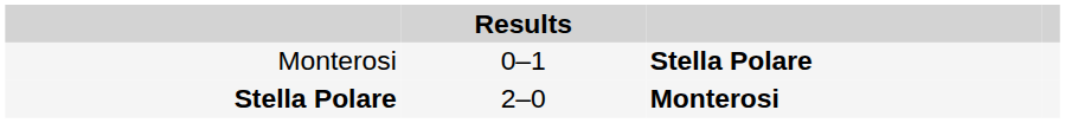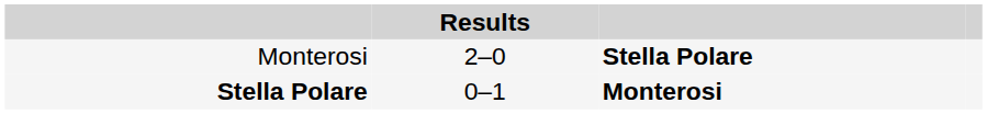 <table align=center style="font-size: 85%; border-collapse:collapse" border=0 cellspacing=0 cellpadding=2 width=60%>
 <tr bgcolor="D3D3D3">
 <th align=right></th>
 <th align=center>Results</th>
 <th align=left></th>
 <th align=center></th>
 </tr>
 <tr bgcolor=#F5F5F5>
 <td align=right>Monterosi</td>
-<td align=center>0–1</td>
+<td align=center>2–0</td>
 <td><strong>Stella Polare</strong></td>
 <td align=center></td>
 </tr>
 <tr bgcolor=#F5F5F5>
 <td align=right><strong>Stella Polare</strong></td>
-<td align=center>2–0</td>
+<td align=center>0–1</td>
 <td><strong>Monterosi</strong></td>
 <td align=center></td>
 </tr>
 </table>
